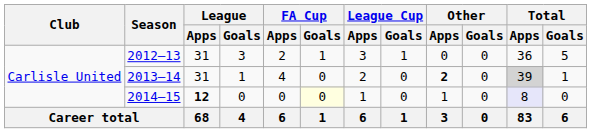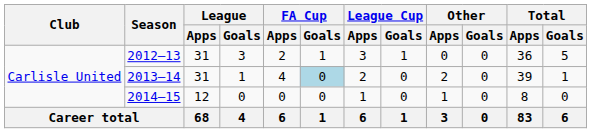 <table class="wikitable" style="text-align: center;">
 <tr>
 <th rowspan="2">Club</th>
 <th rowspan="2">Season</th>
 <th colspan="2">League</th>
 <th colspan="2"><a href='#'>FA Cup</a></th>
 <th colspan="2"><a href='#'>League Cup</a></th>
 <th colspan="2">Other</th>
 <th colspan="2">Total</th>
 </tr>
 <tr>
 <th>Apps</th>
 <th>Goals</th>
 <th>Apps</th>
 <th>Goals</th>
 <th>Apps</th>
 <th>Goals</th>
 <th>Apps</th>
 <th>Goals</th>
 <th>Apps</th>
 <th>Goals</th>
 </tr>
 <tr>
 <td rowspan="3" valign="center"><a href='#'>Carlisle United</a></td>
 <td><a href='#'>2012–13</a></td>
 <td>31</td>
 <td>3</td>
 <td>2</td>
 <td>1</td>
 <td>3</td>
 <td>1</td>
 <td>0</td>
 <td>0</td>
 <td>36</td>
 <td>5</td>
 </tr>
 <tr>
 <td><a href='#'>2013–14</a></td>
 <td>31</td>
 <td>1</td>
 <td>4</td>
+<td style="background: lightblue;">0</td>
+<td>2</td>
 <td>0</td>
 <td>2</td>
 <td>0</td>
-<td><strong>2</strong></td>
-<td>0</td>
-<td style="background: lightgrey;">39</td>
+<td>39</td>
 <td>1</td>
 </tr>
 <tr>
 <td><a href='#'>2014–15</a></td>
-<td><strong>12</strong></td>
+<td>12</td>
 <td>0</td>
 <td>0</td>
-<td style="background: lightyellow;">0</td>
+<td>0</td>
 <td>1</td>
 <td>0</td>
 <td>1</td>
 <td>0</td>
-<td style="background: lavender;">8</td>
+<td>8</td>
 <td>0</td>
 </tr>
 <tr>
 <th colspan="2">Career total</th>
 <th>68</th>
 <th>4</th>
 <th>6</th>
 <th>1</th>
 <th>6</th>
 <th>1</th>
 <th>3</th>
 <th>0</th>
 <th>83</th>
 <th>6</th>
 </tr>
 </table>
